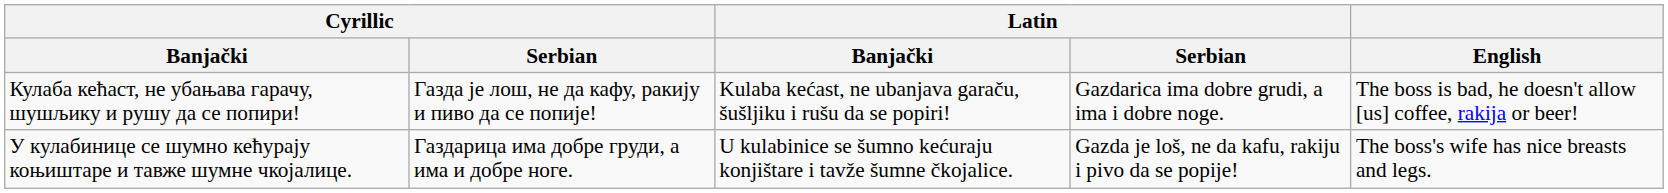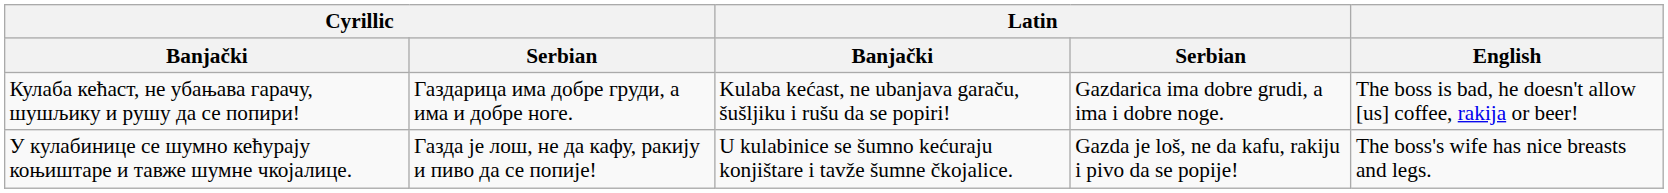 <table class="wikitable">
 <tr>
 <th colspan=2>Cyrillic</th>
 <th colspan=2>Latin</th>
 <th></th>
 </tr>
 <tr>
 <th>Banjački</th>
 <th>Serbian</th>
 <th>Banjački</th>
 <th>Serbian</th>
 <th>English</th>
 </tr>
 <tr>
 <td>Кулаба кећаст, не убањава гарачу, шушљику и рушу да се попири!</td>
-<td>Газда је лош, не да кафу, ракију и пиво да се попије!</td>
+<td>Газдарица има добре груди, а има и добре ноге.</td>
 <td>Kulaba kećast, ne ubanjava garaču, šušljiku i rušu da se popiri!</td>
 <td>Gazdarica ima dobre grudi, a ima i dobre noge.</td>
 <td>The boss is bad, he doesn't allow [us] coffee, <a href='#'>rakija</a> or beer!</td>
 </tr>
 <tr>
 <td>У кулабинице се шумно кећурају коњиштаре и тавже шумне чкојалице.</td>
-<td>Газдарица има добре груди, а има и добре ноге.</td>
+<td>Газда је лош, не да кафу, ракију и пиво да се попије!</td>
 <td>U kulabinice se šumno kećuraju konjištare i tavže šumne čkojalice.</td>
 <td>Gazda je loš, ne da kafu, rakiju i pivo da se popije!</td>
 <td>The boss's wife has nice breasts and legs.</td>
 </tr>
 </table>
